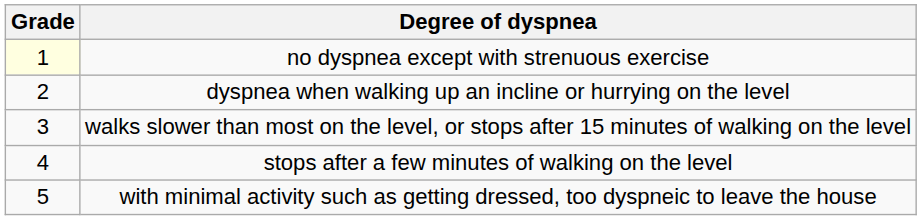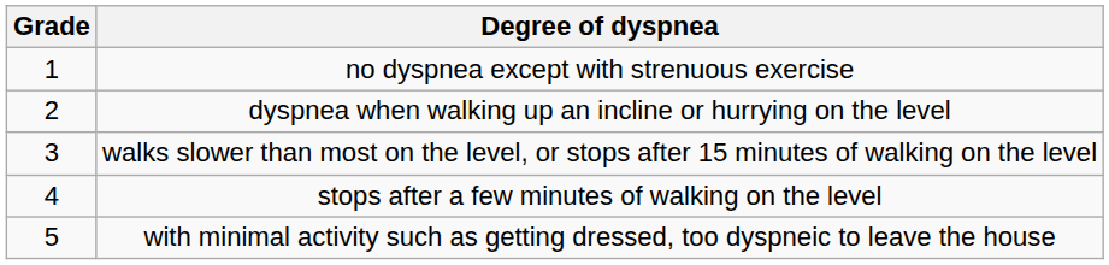 <table class="wikitable" style = "float: right; margin-left:15px; text-align:center">
 <tr>
 <th>Grade</th>
 <th>Degree of dyspnea</th>
 </tr>
 <tr>
-<td style="background: lightyellow;">1</td>
+<td>1</td>
 <td>no dyspnea except with strenuous exercise</td>
 </tr>
 <tr>
 <td>2</td>
 <td>dyspnea when walking up an incline or hurrying on the level</td>
 </tr>
 <tr>
 <td>3</td>
 <td>walks slower than most on the level, or stops after 15 minutes of walking on the level</td>
 </tr>
 <tr>
 <td>4</td>
 <td>stops after a few minutes of walking on the level</td>
 </tr>
 <tr>
 <td>5</td>
 <td>with minimal activity such as getting dressed, too dyspneic to leave the house</td>
 </tr>
 </table>
